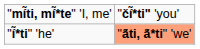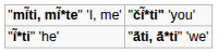 <table class="wikitable">
 <tr>
 <td>"<strong>mí̃ti, mí̃*te</strong>" 'I, me'</td>
 <td>"<strong>čí̃*ti"</strong> 'you'</td>
 </tr>
 <tr>
 <td>"<strong>í̃*ti</strong>" 'he'</td>
-<td style="background: lightsalmon;">"<strong>á̃ti, á̃*ti</strong>" 'we'</td>
+<td>"<strong>á̃ti, á̃*ti</strong>" 'we'</td>
 </tr>
 </table>
